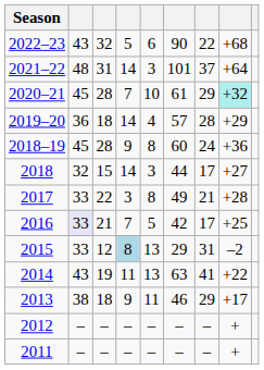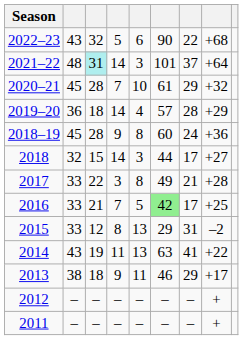 <table class="wikitable" style="text-align:center;">
 <tr>
 <th>Season</th>
 <th></th>
 <th></th>
 <th></th>
 <th></th>
 <th></th>
 <th></th>
 <th></th>
 <th></th>
 </tr>
 <tr>
 <td><a href='#'>2022–23</a></td>
 <td>43</td>
 <td>32</td>
 <td>5</td>
 <td>6</td>
 <td>90</td>
 <td>22</td>
 <td>+68</td>
 <td></td>
 </tr>
 <tr>
 <td><a href='#'>2021–22</a></td>
 <td>48</td>
-<td>31</td>
+<td style="background: paleturquoise;">31</td>
 <td>14</td>
 <td>3</td>
 <td>101</td>
 <td>37</td>
 <td>+64</td>
 <td></td>
 </tr>
 <tr>
 <td><a href='#'>2020–21</a></td>
 <td>45</td>
 <td>28</td>
 <td>7</td>
 <td>10</td>
 <td>61</td>
 <td>29</td>
-<td style="background: paleturquoise;">+32</td>
+<td>+32</td>
 <td></td>
 </tr>
 <tr>
 <td><a href='#'>2019–20</a></td>
 <td>36</td>
 <td>18</td>
 <td>14</td>
 <td>4</td>
 <td>57</td>
 <td>28</td>
 <td>+29</td>
 <td></td>
 </tr>
 <tr>
 <td><a href='#'>2018–19</a></td>
 <td>45</td>
 <td>28</td>
 <td>9</td>
 <td>8</td>
 <td>60</td>
 <td>24</td>
 <td>+36</td>
 <td></td>
 </tr>
 <tr>
 <td><a href='#'>2018</a></td>
 <td>32</td>
 <td>15</td>
 <td>14</td>
 <td>3</td>
 <td>44</td>
 <td>17</td>
 <td>+27</td>
 <td></td>
 </tr>
 <tr>
 <td><a href='#'>2017</a></td>
 <td>33</td>
 <td>22</td>
 <td>3</td>
 <td>8</td>
 <td>49</td>
 <td>21</td>
 <td>+28</td>
 <td></td>
 </tr>
 <tr>
 <td><a href='#'>2016</a></td>
-<td style="background: lavender;">33</td>
+<td>33</td>
 <td>21</td>
 <td>7</td>
 <td>5</td>
-<td>42</td>
+<td style="background: lightgreen;">42</td>
 <td>17</td>
 <td>+25</td>
 <td></td>
 </tr>
 <tr>
 <td><a href='#'>2015</a></td>
 <td>33</td>
 <td>12</td>
-<td style="background: lightblue;">8</td>
+<td>8</td>
 <td>13</td>
 <td>29</td>
 <td>31</td>
 <td>–2</td>
 <td></td>
 </tr>
 <tr>
 <td><a href='#'>2014</a></td>
 <td>43</td>
 <td>19</td>
 <td>11</td>
 <td>13</td>
 <td>63</td>
 <td>41</td>
 <td>+22</td>
 <td></td>
 </tr>
 <tr>
 <td><a href='#'>2013</a></td>
 <td>38</td>
 <td>18</td>
 <td>9</td>
 <td>11</td>
 <td>46</td>
 <td>29</td>
 <td>+17</td>
 <td></td>
 </tr>
 <tr>
 <td><a href='#'>2012</a></td>
 <td>–</td>
 <td>–</td>
 <td>–</td>
 <td>–</td>
 <td>–</td>
 <td>–</td>
 <td>+</td>
 <td></td>
 </tr>
 <tr>
 <td><a href='#'>2011</a></td>
 <td>–</td>
 <td>–</td>
 <td>–</td>
 <td>–</td>
 <td>–</td>
 <td>–</td>
 <td>+</td>
 <td></td>
 </tr>
 </table>
